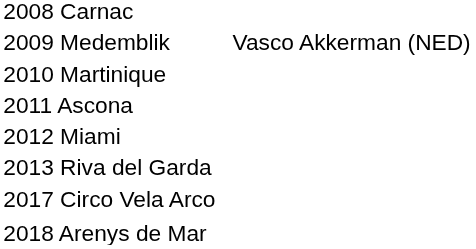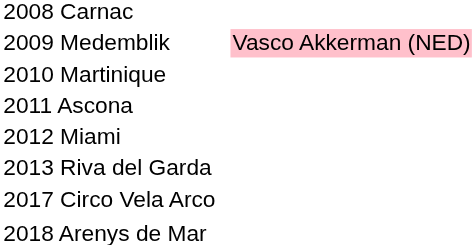 <table>
 <tr>
 <td>2008 Carnac</td>
 <td></td>
 <td></td>
 <td></td>
 </tr>
 <tr>
 <td>2009 Medemblik</td>
 <td></td>
 <td></td>
-<td>Vasco Akkerman (NED)</td>
+<td style="background: pink;">Vasco Akkerman (NED)</td>
 </tr>
 <tr>
 <td>2010 Martinique</td>
 <td></td>
 <td></td>
 <td></td>
 </tr>
 <tr>
 <td>2011 Ascona</td>
 <td></td>
 <td></td>
 <td></td>
 </tr>
 <tr>
 <td>2012 Miami</td>
 <td></td>
 <td></td>
 <td></td>
 </tr>
 <tr>
 <td>2013 Riva del Garda</td>
 <td></td>
 <td></td>
 <td></td>
 </tr>
 <tr>
 <td>2017 Circo Vela Arco</td>
 <td></td>
 <td></td>
 <td></td>
 </tr>
 <tr>
 </tr>
 <tr>
 <td>2018 Arenys de Mar</td>
 <td></td>
 <td></td>
 <td></td>
 </tr>
 <tr>
 </tr>
 </table>
